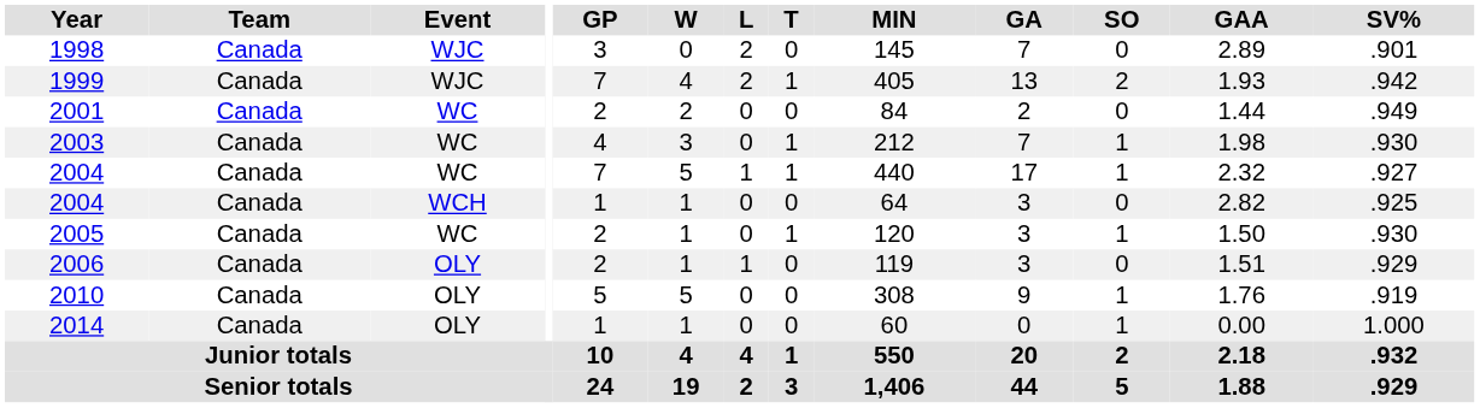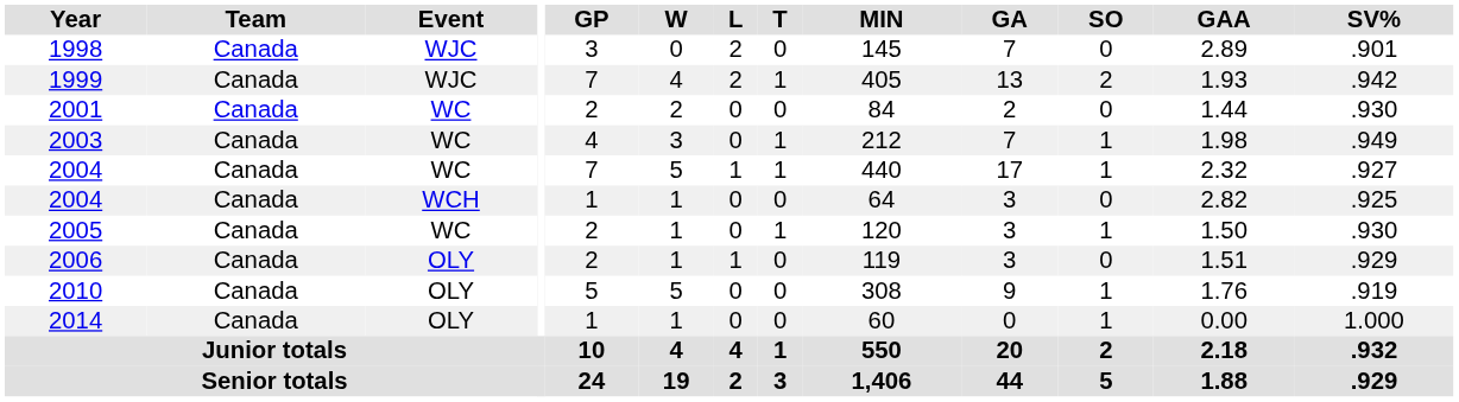 <table border="0" cellpadding="1" cellspacing="0" ID="Table3" style="text-align:center; width:60em;">
 <tr bgcolor="#e0e0e0">
 <th>Year</th>
 <th>Team</th>
 <th>Event</th>
 <th rowspan="99" bgcolor="#ffffff"></th>
 <th>GP</th>
 <th>W</th>
 <th>L</th>
 <th>T</th>
 <th>MIN</th>
 <th>GA</th>
 <th>SO</th>
 <th>GAA</th>
 <th>SV%</th>
 </tr>
 <tr>
 <td><a href='#'>1998</a></td>
 <td><a href='#'>Canada</a></td>
 <td><a href='#'>WJC</a></td>
 <td>3</td>
 <td>0</td>
 <td>2</td>
 <td>0</td>
 <td>145</td>
 <td>7</td>
 <td>0</td>
 <td>2.89</td>
 <td>.901</td>
 </tr>
 <tr bgcolor="#f0f0f0">
 <td><a href='#'>1999</a></td>
 <td>Canada</td>
 <td>WJC</td>
 <td>7</td>
 <td>4</td>
 <td>2</td>
 <td>1</td>
 <td>405</td>
 <td>13</td>
 <td>2</td>
 <td>1.93</td>
 <td>.942</td>
 </tr>
 <tr>
 <td><a href='#'>2001</a></td>
 <td><a href='#'>Canada</a></td>
 <td><a href='#'>WC</a></td>
 <td>2</td>
 <td>2</td>
 <td>0</td>
 <td>0</td>
 <td>84</td>
 <td>2</td>
 <td>0</td>
 <td>1.44</td>
-<td>.949</td>
+<td>.930</td>
 </tr>
 <tr bgcolor="#f0f0f0">
 <td><a href='#'>2003</a></td>
 <td>Canada</td>
 <td>WC</td>
 <td>4</td>
 <td>3</td>
 <td>0</td>
 <td>1</td>
 <td>212</td>
 <td>7</td>
 <td>1</td>
 <td>1.98</td>
-<td>.930</td>
+<td>.949</td>
 </tr>
 <tr>
 <td><a href='#'>2004</a></td>
 <td>Canada</td>
 <td>WC</td>
 <td>7</td>
 <td>5</td>
 <td>1</td>
 <td>1</td>
 <td>440</td>
 <td>17</td>
 <td>1</td>
 <td>2.32</td>
 <td>.927</td>
 </tr>
 <tr bgcolor="#f0f0f0">
 <td><a href='#'>2004</a></td>
 <td>Canada</td>
 <td><a href='#'>WCH</a></td>
 <td>1</td>
 <td>1</td>
 <td>0</td>
 <td>0</td>
 <td>64</td>
 <td>3</td>
 <td>0</td>
 <td>2.82</td>
 <td>.925</td>
 </tr>
 <tr>
 <td><a href='#'>2005</a></td>
 <td>Canada</td>
 <td>WC</td>
 <td>2</td>
 <td>1</td>
 <td>0</td>
 <td>1</td>
 <td>120</td>
 <td>3</td>
 <td>1</td>
 <td>1.50</td>
 <td>.930</td>
 </tr>
 <tr bgcolor="#f0f0f0">
 <td><a href='#'>2006</a></td>
 <td>Canada</td>
 <td><a href='#'>OLY</a></td>
 <td>2</td>
 <td>1</td>
 <td>1</td>
 <td>0</td>
 <td>119</td>
 <td>3</td>
 <td>0</td>
 <td>1.51</td>
 <td>.929</td>
 </tr>
 <tr>
 <td><a href='#'>2010</a></td>
 <td>Canada</td>
 <td>OLY</td>
 <td>5</td>
 <td>5</td>
 <td>0</td>
 <td>0</td>
 <td>308</td>
 <td>9</td>
 <td>1</td>
 <td>1.76</td>
 <td>.919</td>
 </tr>
 <tr bgcolor="#f0f0f0">
 <td><a href='#'>2014</a></td>
 <td>Canada</td>
 <td>OLY</td>
 <td>1</td>
 <td>1</td>
 <td>0</td>
 <td>0</td>
 <td>60</td>
 <td>0</td>
 <td>1</td>
 <td>0.00</td>
 <td>1.000</td>
 </tr>
 <tr bgcolor="#e0e0e0">
 <th colspan=4>Junior totals</th>
 <th>10</th>
 <th>4</th>
 <th>4</th>
 <th>1</th>
 <th>550</th>
 <th>20</th>
 <th>2</th>
 <th>2.18</th>
 <th>.932</th>
 </tr>
 <tr bgcolor="#e0e0e0">
 <th colspan="4">Senior totals</th>
 <th>24</th>
 <th>19</th>
 <th>2</th>
 <th>3</th>
 <th>1,406</th>
 <th>44</th>
 <th>5</th>
 <th>1.88</th>
 <th>.929</th>
 </tr>
 </table>
